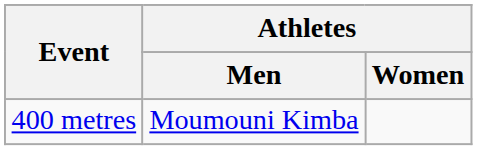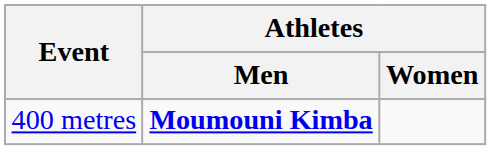 <table class=wikitable style="font-size:90%">
 <tr>
 <th rowspan=2>Event</th>
 <th colspan=2>Athletes</th>
 </tr>
 <tr>
 <th>Men</th>
 <th>Women</th>
 </tr>
 <tr>
 <td><a href='#'>400 metres</a></td>
-<td><a href='#'>Moumouni Kimba</a></td>
+<td><strong><a href='#'>Moumouni Kimba</a></strong></td>
 <td></td>
 </tr>
 </table>
